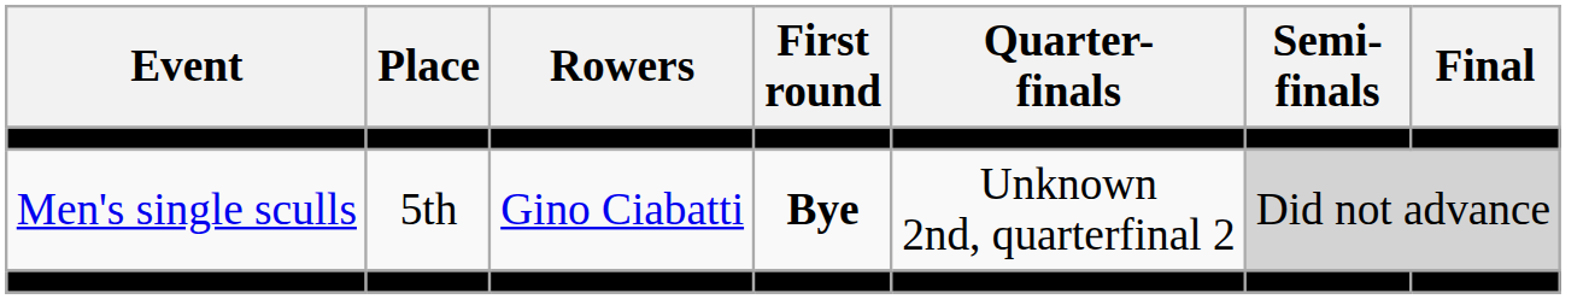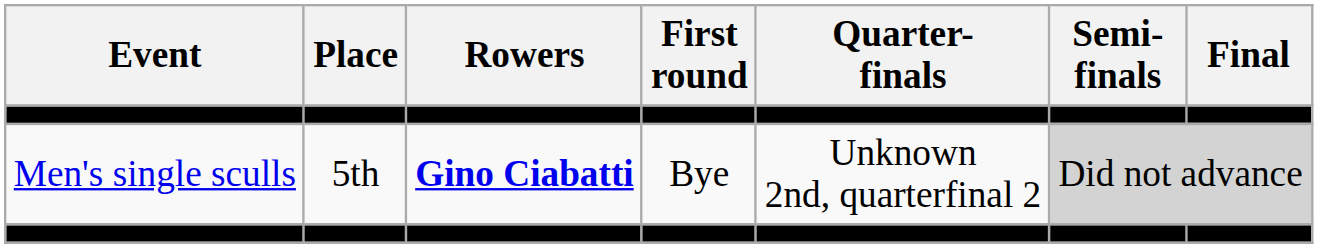 <table class=wikitable>
 <tr>
 <th>Event</th>
 <th>Place</th>
 <th>Rowers</th>
 <th>First <br> round</th>
 <th>Quarter-<br>finals</th>
 <th>Semi-<br>finals</th>
 <th>Final</th>
 </tr>
 <tr bgcolor=black>
 <td></td>
 <td></td>
 <td></td>
 <td></td>
 <td></td>
 <td></td>
 <td></td>
 </tr>
 <tr align=center>
 <td align=left><a href='#'>Men's single sculls</a></td>
 <td>5th</td>
-<td align=left><a href='#'>Gino Ciabatti</a></td>
-<td><strong>Bye</strong></td>
+<td align=left><strong><a href='#'>Gino Ciabatti</a></strong></td>
+<td>Bye</td>
 <td>Unknown <br> 2nd, quarterfinal 2</td>
 <td colspan=2 bgcolor=lightgray>Did not advance</td>
 </tr>
 <tr bgcolor=black>
 <td></td>
 <td></td>
 <td></td>
 <td></td>
 <td></td>
 <td></td>
 <td></td>
 </tr>
 </table>
